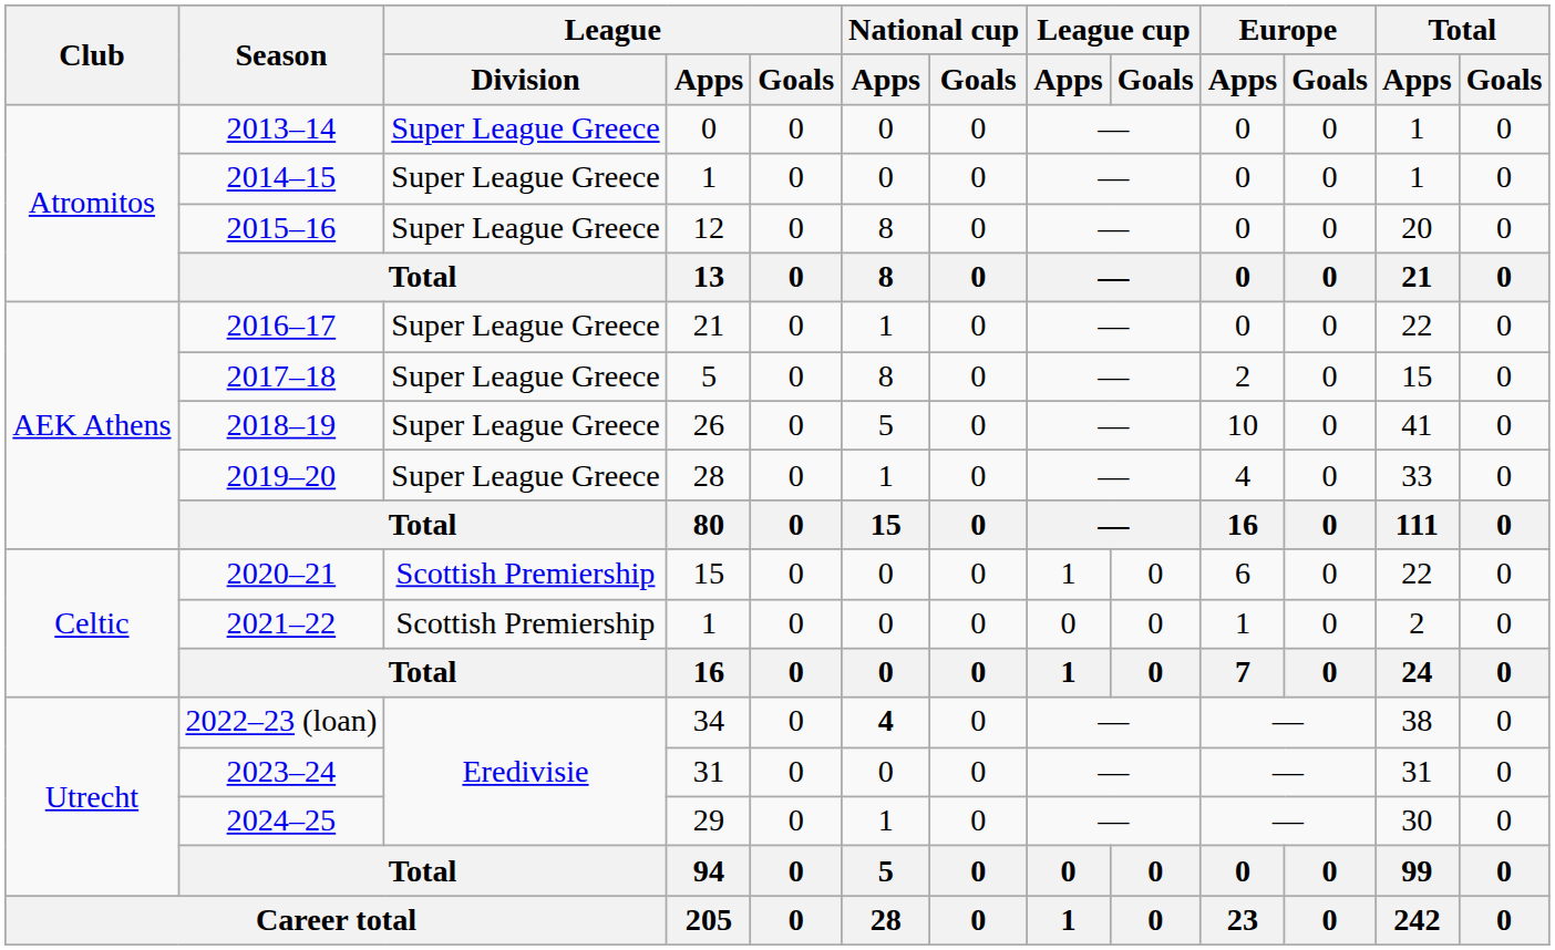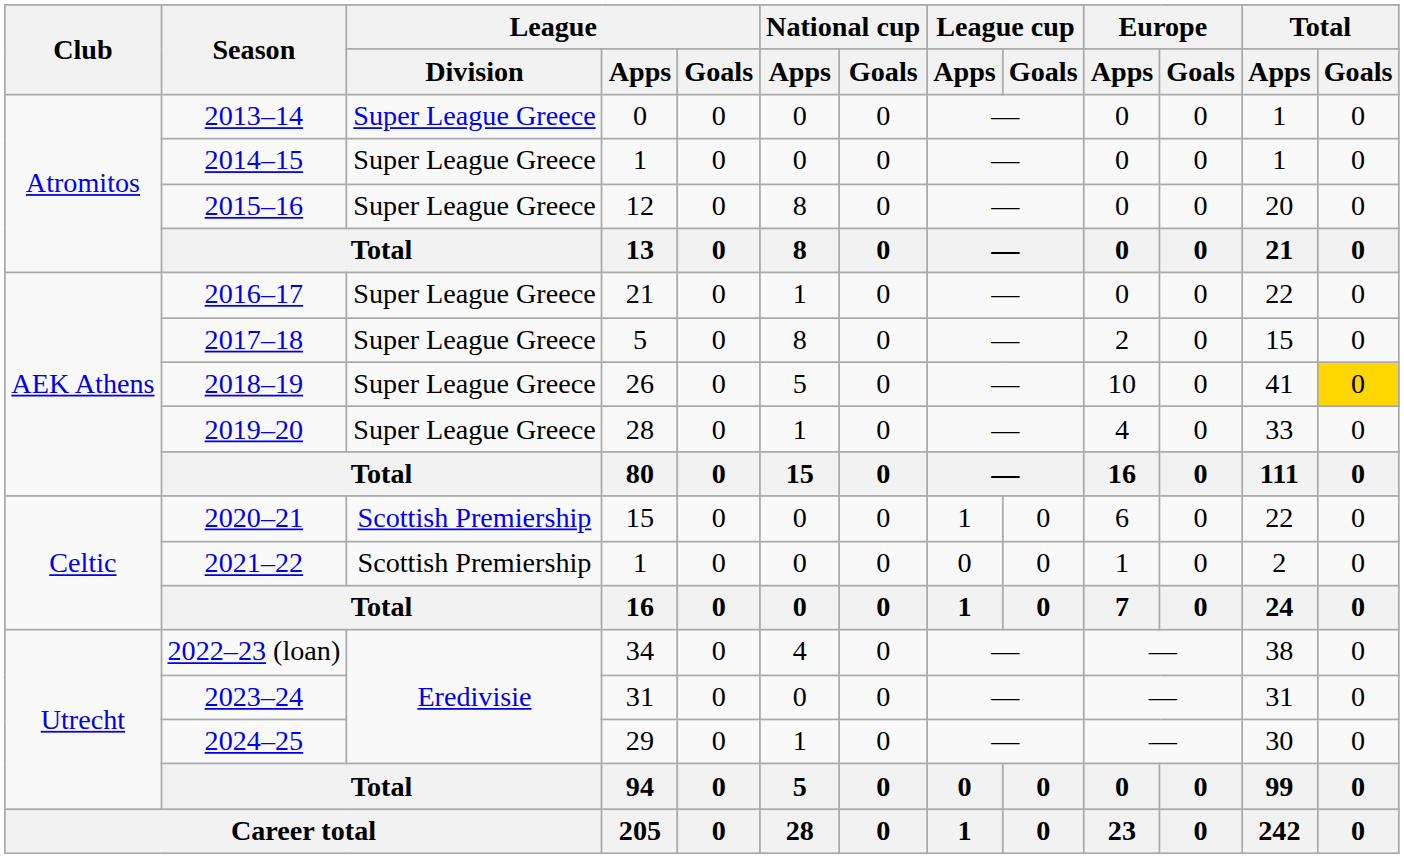 <table class="wikitable" style="text-align:center">
 <tr>
 <th rowspan="2">Club</th>
 <th rowspan="2">Season</th>
 <th colspan="3">League</th>
 <th colspan="2">National cup</th>
 <th colspan="2">League cup</th>
 <th colspan="2">Europe</th>
 <th colspan="2">Total</th>
 </tr>
 <tr>
 <th>Division</th>
 <th>Apps</th>
 <th>Goals</th>
 <th>Apps</th>
 <th>Goals</th>
 <th>Apps</th>
 <th>Goals</th>
 <th>Apps</th>
 <th>Goals</th>
 <th>Apps</th>
 <th>Goals</th>
 </tr>
 <tr>
 <td rowspan="4"><a href='#'>Atromitos</a></td>
 <td><a href='#'>2013–14</a></td>
 <td><a href='#'>Super League Greece</a></td>
 <td>0</td>
 <td>0</td>
 <td>0</td>
 <td>0</td>
 <td colspan="2">—</td>
 <td>0</td>
 <td>0</td>
 <td>1</td>
 <td>0</td>
 </tr>
 <tr>
 <td><a href='#'>2014–15</a></td>
 <td>Super League Greece</td>
 <td>1</td>
 <td>0</td>
 <td>0</td>
 <td>0</td>
 <td colspan="2">—</td>
 <td>0</td>
 <td>0</td>
 <td>1</td>
 <td>0</td>
 </tr>
 <tr>
 <td><a href='#'>2015–16</a></td>
 <td>Super League Greece</td>
 <td>12</td>
 <td>0</td>
 <td>8</td>
 <td>0</td>
 <td colspan="2">—</td>
 <td>0</td>
 <td>0</td>
 <td>20</td>
 <td>0</td>
 </tr>
 <tr>
 <th colspan="2">Total</th>
 <th>13</th>
 <th>0</th>
 <th>8</th>
 <th>0</th>
 <th colspan="2">—</th>
 <th>0</th>
 <th>0</th>
 <th>21</th>
 <th>0</th>
 </tr>
 <tr>
 <td rowspan="5"><a href='#'>AEK Athens</a></td>
 <td><a href='#'>2016–17</a></td>
 <td>Super League Greece</td>
 <td>21</td>
 <td>0</td>
 <td>1</td>
 <td>0</td>
 <td colspan="2">—</td>
 <td>0</td>
 <td>0</td>
 <td>22</td>
 <td>0</td>
 </tr>
 <tr>
 <td><a href='#'>2017–18</a></td>
 <td>Super League Greece</td>
 <td>5</td>
 <td>0</td>
 <td>8</td>
 <td>0</td>
 <td colspan="2">—</td>
 <td>2</td>
 <td>0</td>
 <td>15</td>
 <td>0</td>
 </tr>
 <tr>
 <td><a href='#'>2018–19</a></td>
 <td>Super League Greece</td>
 <td>26</td>
 <td>0</td>
 <td>5</td>
 <td>0</td>
 <td colspan="2">—</td>
 <td>10</td>
 <td>0</td>
 <td>41</td>
-<td>0</td>
+<td style="background: gold;">0</td>
 </tr>
 <tr>
 <td><a href='#'>2019–20</a></td>
 <td>Super League Greece</td>
 <td>28</td>
 <td>0</td>
 <td>1</td>
 <td>0</td>
 <td colspan="2">—</td>
 <td>4</td>
 <td>0</td>
 <td>33</td>
 <td>0</td>
 </tr>
 <tr>
 <th colspan="2">Total</th>
 <th>80</th>
 <th>0</th>
 <th>15</th>
 <th>0</th>
 <th colspan="2">—</th>
 <th>16</th>
 <th>0</th>
 <th>111</th>
 <th>0</th>
 </tr>
 <tr>
 <td rowspan="3"><a href='#'>Celtic</a></td>
 <td><a href='#'>2020–21</a></td>
 <td><a href='#'>Scottish Premiership</a></td>
 <td>15</td>
 <td>0</td>
 <td>0</td>
 <td>0</td>
 <td>1</td>
 <td>0</td>
 <td>6</td>
 <td>0</td>
 <td>22</td>
 <td>0</td>
 </tr>
 <tr>
 <td><a href='#'>2021–22</a></td>
 <td>Scottish Premiership</td>
 <td>1</td>
 <td>0</td>
 <td>0</td>
 <td>0</td>
 <td>0</td>
 <td>0</td>
 <td>1</td>
 <td>0</td>
 <td>2</td>
 <td>0</td>
 </tr>
 <tr>
 <th colspan="2">Total</th>
 <th>16</th>
 <th>0</th>
 <th>0</th>
 <th>0</th>
 <th>1</th>
 <th>0</th>
 <th>7</th>
 <th>0</th>
 <th>24</th>
 <th>0</th>
 </tr>
 <tr>
 <td rowspan="4"><a href='#'>Utrecht</a></td>
 <td><a href='#'>2022–23</a> (loan)</td>
 <td rowspan="3"><a href='#'>Eredivisie</a></td>
 <td>34</td>
 <td>0</td>
-<td><strong>4</strong></td>
+<td>4</td>
 <td>0</td>
 <td colspan="2">—</td>
 <td colspan="2">—</td>
 <td>38</td>
 <td>0</td>
 </tr>
 <tr>
 <td><a href='#'>2023–24</a></td>
 <td>31</td>
 <td>0</td>
 <td>0</td>
 <td>0</td>
 <td colspan="2">—</td>
 <td colspan="2">—</td>
 <td>31</td>
 <td>0</td>
 </tr>
 <tr>
 <td><a href='#'>2024–25</a></td>
 <td>29</td>
 <td>0</td>
 <td>1</td>
 <td>0</td>
 <td colspan="2">—</td>
 <td colspan="2">—</td>
 <td>30</td>
 <td>0</td>
 </tr>
 <tr>
 <th colspan="2">Total</th>
 <th>94</th>
 <th>0</th>
 <th>5</th>
 <th>0</th>
 <th>0</th>
 <th>0</th>
 <th>0</th>
 <th>0</th>
 <th>99</th>
 <th>0</th>
 </tr>
 <tr>
 <th colspan="3">Career total</th>
 <th>205</th>
 <th>0</th>
 <th>28</th>
 <th>0</th>
 <th>1</th>
 <th>0</th>
 <th>23</th>
 <th>0</th>
 <th>242</th>
 <th>0</th>
 </tr>
 </table>
